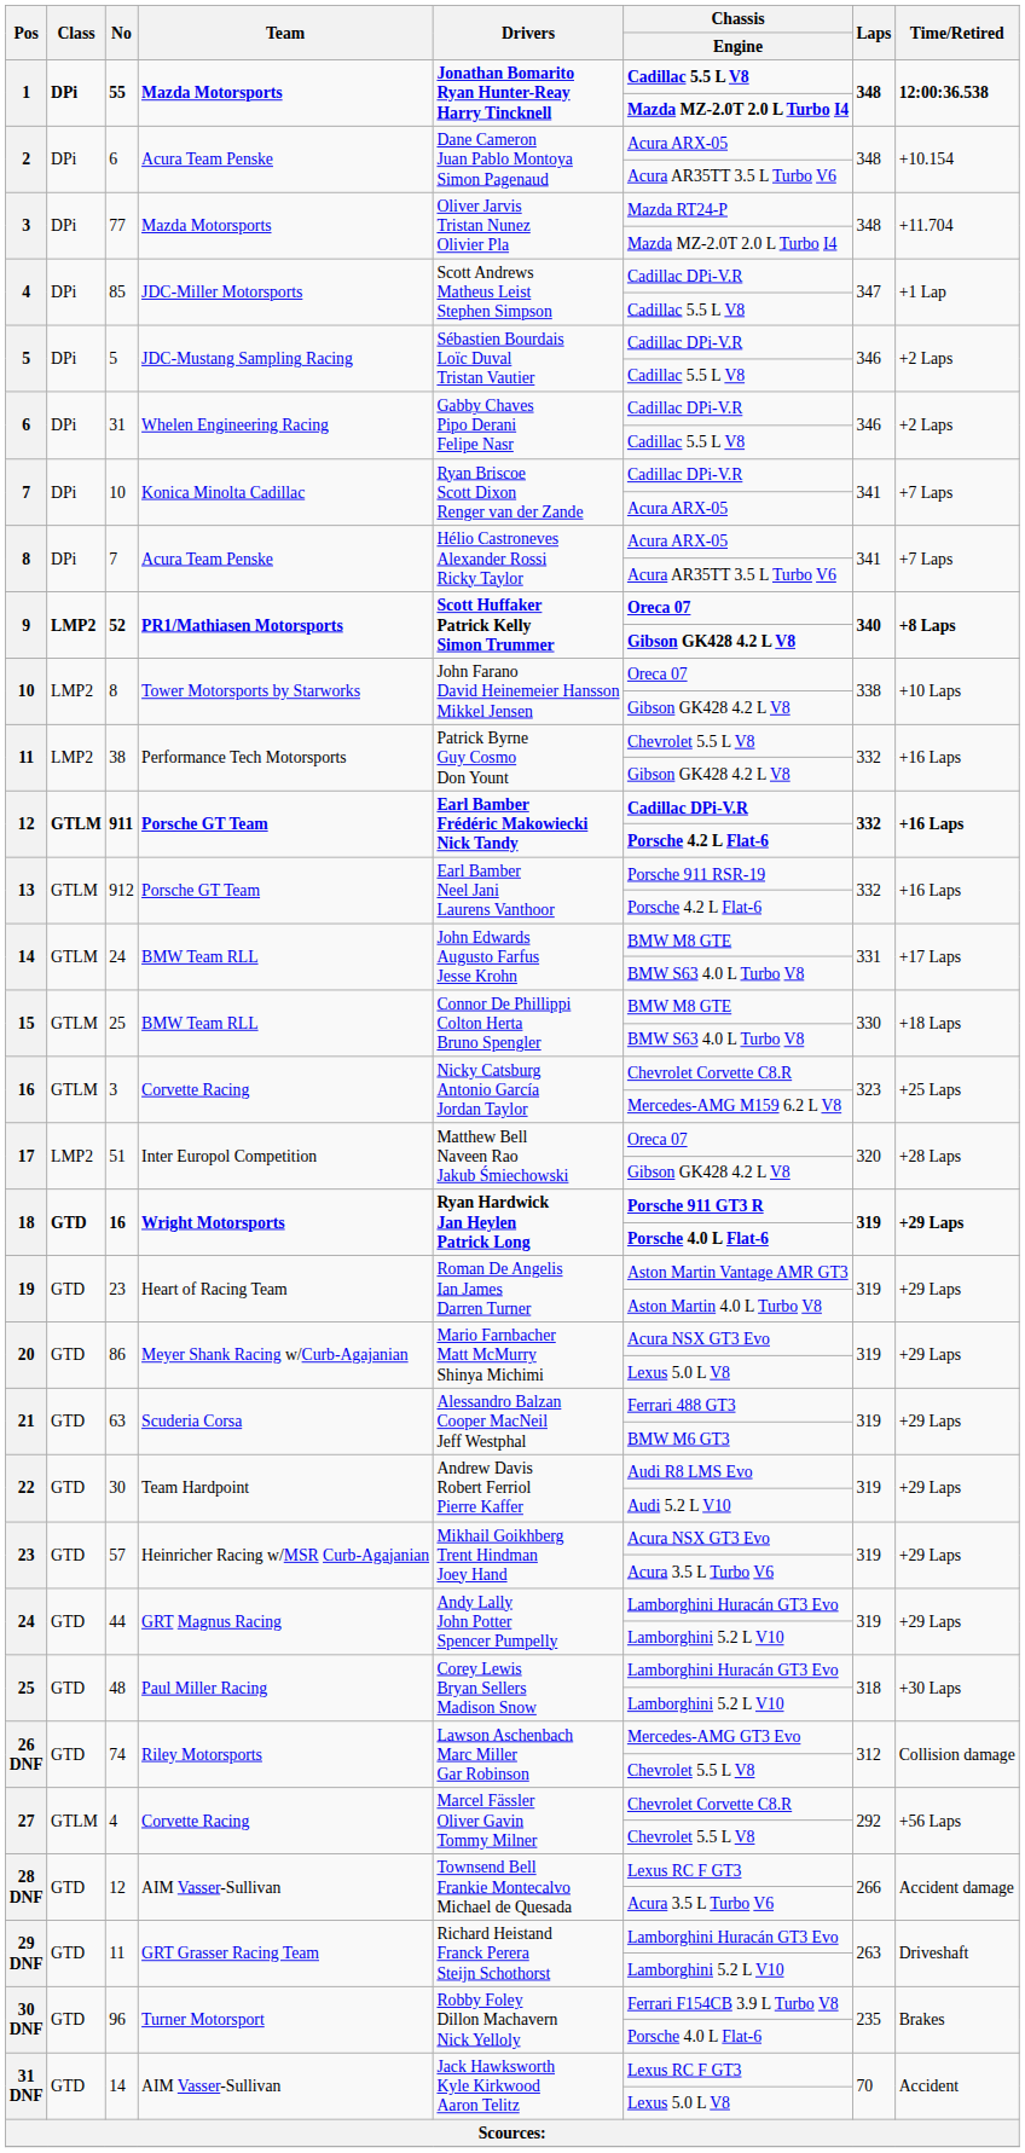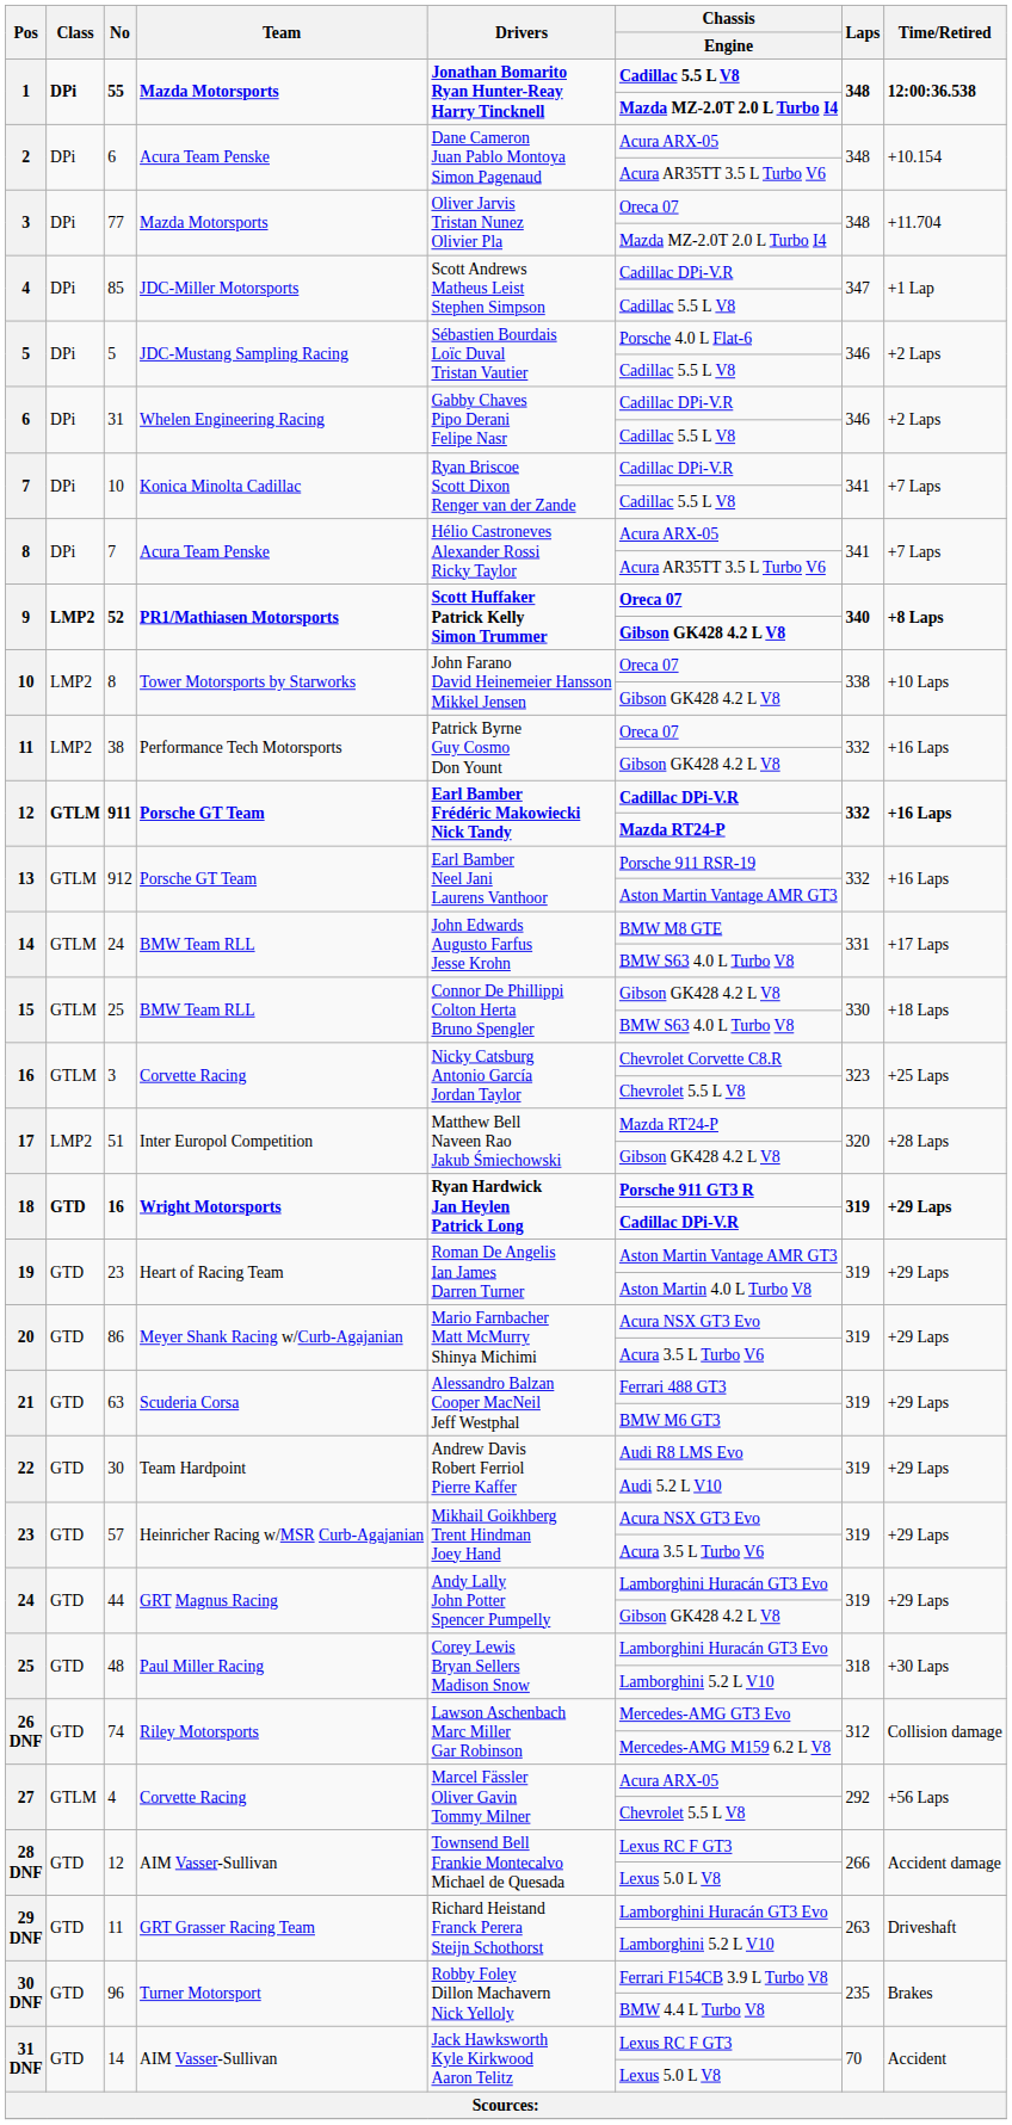 <table class="wikitable" style="font-size: 95%;">
 <tr>
 <th rowspan=2>Pos</th>
 <th rowspan=2>Class</th>
 <th rowspan=2>No</th>
 <th rowspan=2>Team</th>
 <th rowspan=2>Drivers</th>
 <th>Chassis</th>
 <th rowspan=2>Laps</th>
 <th rowspan=2>Time/Retired</th>
 </tr>
 <tr>
 <th>Engine</th>
 </tr>
 <tr style="font-weight:bold">
 <th rowspan=2>1</th>
 <td rowspan=2>DPi</td>
 <td rowspan=2>55</td>
 <td rowspan=2> <a href='#'>Mazda Motorsports</a></td>
 <td rowspan=2> <a href='#'>Jonathan Bomarito</a><br> <a href='#'>Ryan Hunter-Reay</a><br> <a href='#'>Harry Tincknell</a></td>
 <td><a href='#'>Cadillac</a> 5.5 L <a href='#'>V8</a></td>
 <td rowspan=2>348</td>
 <td rowspan=2>12:00:36.538</td>
 </tr>
 <tr style="font-weight:bold">
 <td><a href='#'>Mazda</a> MZ-2.0T 2.0 L <a href='#'>Turbo</a> <a href='#'>I4</a></td>
 </tr>
 <tr>
 <th rowspan=2>2</th>
 <td rowspan=2>DPi</td>
 <td rowspan=2>6</td>
 <td rowspan=2> <a href='#'>Acura Team Penske</a></td>
 <td rowspan=2> <a href='#'>Dane Cameron</a><br> <a href='#'>Juan Pablo Montoya</a><br> <a href='#'>Simon Pagenaud</a></td>
 <td><a href='#'>Acura ARX-05</a></td>
 <td rowspan=2>348</td>
 <td rowspan=2>+10.154</td>
 </tr>
 <tr>
 <td><a href='#'>Acura</a> AR35TT 3.5 L <a href='#'>Turbo</a> <a href='#'>V6</a></td>
 </tr>
 <tr>
 <th rowspan=2>3</th>
 <td rowspan=2>DPi</td>
 <td rowspan=2>77</td>
 <td rowspan=2> <a href='#'>Mazda Motorsports</a></td>
 <td rowspan=2> <a href='#'>Oliver Jarvis</a><br> <a href='#'>Tristan Nunez</a><br> <a href='#'>Olivier Pla</a></td>
-<td><a href='#'>Mazda RT24-P</a></td>
+<td><a href='#'>Oreca 07</a></td>
 <td rowspan=2>348</td>
 <td rowspan=2>+11.704</td>
 </tr>
 <tr>
 <td><a href='#'>Mazda</a> MZ-2.0T 2.0 L <a href='#'>Turbo</a> <a href='#'>I4</a></td>
 </tr>
 <tr>
 <th rowspan=2>4</th>
 <td rowspan=2>DPi</td>
 <td rowspan=2>85</td>
 <td rowspan=2> <a href='#'>JDC-Miller Motorsports</a></td>
 <td rowspan=2> Scott Andrews<br> <a href='#'>Matheus Leist</a><br> <a href='#'>Stephen Simpson</a></td>
 <td><a href='#'>Cadillac DPi-V.R</a></td>
 <td rowspan=2>347</td>
 <td rowspan=2>+1 Lap</td>
 </tr>
 <tr>
 <td><a href='#'>Cadillac</a> 5.5 L <a href='#'>V8</a></td>
 </tr>
 <tr>
 <th rowspan=2>5</th>
 <td rowspan=2>DPi</td>
 <td rowspan=2>5</td>
 <td rowspan=2> <a href='#'>JDC-Mustang Sampling Racing</a></td>
 <td rowspan=2> <a href='#'>Sébastien Bourdais</a><br> <a href='#'>Loïc Duval</a><br> <a href='#'>Tristan Vautier</a></td>
-<td><a href='#'>Cadillac DPi-V.R</a></td>
+<td><a href='#'>Porsche</a> 4.0 L <a href='#'>Flat-6</a></td>
 <td rowspan=2>346</td>
 <td rowspan=2>+2 Laps</td>
 </tr>
 <tr>
 <td><a href='#'>Cadillac</a> 5.5 L <a href='#'>V8</a></td>
 </tr>
 <tr>
 <th rowspan=2>6</th>
 <td rowspan=2>DPi</td>
 <td rowspan=2>31</td>
 <td rowspan=2> <a href='#'>Whelen Engineering Racing</a></td>
 <td rowspan=2> <a href='#'>Gabby Chaves</a><br> <a href='#'>Pipo Derani</a><br> <a href='#'>Felipe Nasr</a></td>
 <td><a href='#'>Cadillac DPi-V.R</a></td>
 <td rowspan=2>346</td>
 <td rowspan=2>+2 Laps</td>
 </tr>
 <tr>
 <td><a href='#'>Cadillac</a> 5.5 L <a href='#'>V8</a></td>
 </tr>
 <tr>
 <th rowspan=2>7</th>
 <td rowspan=2>DPi</td>
 <td rowspan=2>10</td>
 <td rowspan=2> <a href='#'>Konica Minolta Cadillac</a></td>
 <td rowspan=2> <a href='#'>Ryan Briscoe</a><br> <a href='#'>Scott Dixon</a><br> <a href='#'>Renger van der Zande</a></td>
 <td><a href='#'>Cadillac DPi-V.R</a></td>
 <td rowspan=2>341</td>
 <td rowspan=2>+7 Laps</td>
 </tr>
 <tr>
-<td><a href='#'>Acura ARX-05</a></td>
+<td><a href='#'>Cadillac</a> 5.5 L <a href='#'>V8</a></td>
 </tr>
 <tr>
 <th rowspan=2>8</th>
 <td rowspan=2>DPi</td>
 <td rowspan=2>7</td>
 <td rowspan=2> <a href='#'>Acura Team Penske</a></td>
 <td rowspan=2> <a href='#'>Hélio Castroneves</a><br> <a href='#'>Alexander Rossi</a><br> <a href='#'>Ricky Taylor</a></td>
 <td><a href='#'>Acura ARX-05</a></td>
 <td rowspan=2>341</td>
 <td rowspan=2>+7 Laps</td>
 </tr>
 <tr>
 <td><a href='#'>Acura</a> AR35TT 3.5 L <a href='#'>Turbo</a> <a href='#'>V6</a></td>
 </tr>
 <tr style="font-weight:bold">
 <th rowspan=2>9</th>
 <td rowspan=2>LMP2</td>
 <td rowspan=2>52</td>
 <td rowspan=2> <a href='#'>PR1/Mathiasen Motorsports</a></td>
 <td rowspan=2> <a href='#'>Scott Huffaker</a><br> Patrick Kelly<br> <a href='#'>Simon Trummer</a></td>
 <td><a href='#'>Oreca 07</a></td>
 <td rowspan=2>340</td>
 <td rowspan=2>+8 Laps</td>
 </tr>
 <tr style="font-weight:bold">
 <td><a href='#'>Gibson</a> GK428 4.2 L <a href='#'>V8</a></td>
 </tr>
 <tr>
 <th rowspan=2>10</th>
 <td rowspan=2>LMP2</td>
 <td rowspan=2>8</td>
 <td rowspan=2> <a href='#'>Tower Motorsports by Starworks</a></td>
 <td rowspan=2> John Farano<br> <a href='#'>David Heinemeier Hansson</a><br> <a href='#'>Mikkel Jensen</a></td>
 <td><a href='#'>Oreca 07</a></td>
 <td rowspan=2>338</td>
 <td rowspan=2>+10 Laps</td>
 </tr>
 <tr>
 <td><a href='#'>Gibson</a> GK428 4.2 L <a href='#'>V8</a></td>
 </tr>
 <tr>
 <th rowspan=2>11</th>
 <td rowspan=2>LMP2</td>
 <td rowspan=2>38</td>
 <td rowspan=2> Performance Tech Motorsports</td>
 <td rowspan=2> Patrick Byrne<br> <a href='#'>Guy Cosmo</a><br> Don Yount</td>
-<td><a href='#'>Chevrolet</a> 5.5 L <a href='#'>V8</a></td>
+<td><a href='#'>Oreca 07</a></td>
 <td rowspan=2>332</td>
 <td rowspan=2>+16 Laps</td>
 </tr>
 <tr>
 <td><a href='#'>Gibson</a> GK428 4.2 L <a href='#'>V8</a></td>
 </tr>
 <tr style="font-weight:bold">
 <th rowspan=2>12</th>
 <td rowspan=2>GTLM</td>
 <td rowspan=2>911</td>
 <td rowspan=2> <a href='#'>Porsche GT Team</a></td>
 <td rowspan=2> <a href='#'>Earl Bamber</a><br> <a href='#'>Frédéric Makowiecki</a><br> <a href='#'>Nick Tandy</a></td>
 <td><a href='#'>Cadillac DPi-V.R</a></td>
 <td rowspan=2>332</td>
 <td rowspan=2>+16 Laps</td>
 </tr>
 <tr style="font-weight:bold">
-<td><a href='#'>Porsche</a> 4.2 L <a href='#'>Flat-6</a></td>
+<td><a href='#'>Mazda RT24-P</a></td>
 </tr>
 <tr>
 <th rowspan=2>13</th>
 <td rowspan=2>GTLM</td>
 <td rowspan=2>912</td>
 <td rowspan=2> <a href='#'>Porsche GT Team</a></td>
 <td rowspan=2> <a href='#'>Earl Bamber</a><br> <a href='#'>Neel Jani</a><br> <a href='#'>Laurens Vanthoor</a></td>
 <td><a href='#'>Porsche 911 RSR-19</a></td>
 <td rowspan=2>332</td>
 <td rowspan=2>+16 Laps</td>
 </tr>
 <tr>
-<td><a href='#'>Porsche</a> 4.2 L <a href='#'>Flat-6</a></td>
+<td><a href='#'>Aston Martin Vantage AMR GT3</a></td>
 </tr>
 <tr>
 <th rowspan=2>14</th>
 <td rowspan=2>GTLM</td>
 <td rowspan=2>24</td>
 <td rowspan=2> <a href='#'>BMW Team RLL</a></td>
 <td rowspan=2> <a href='#'>John Edwards</a><br> <a href='#'>Augusto Farfus</a><br> <a href='#'>Jesse Krohn</a></td>
 <td><a href='#'>BMW M8 GTE</a></td>
 <td rowspan=2>331</td>
 <td rowspan=2>+17 Laps</td>
 </tr>
 <tr>
 <td><a href='#'>BMW S63</a> 4.0 L <a href='#'>Turbo</a> <a href='#'>V8</a></td>
 </tr>
 <tr>
 <th rowspan=2>15</th>
 <td rowspan=2>GTLM</td>
 <td rowspan=2>25</td>
 <td rowspan=2> <a href='#'>BMW Team RLL</a></td>
 <td rowspan=2> <a href='#'>Connor De Phillippi</a><br> <a href='#'>Colton Herta</a><br> <a href='#'>Bruno Spengler</a></td>
-<td><a href='#'>BMW M8 GTE</a></td>
+<td><a href='#'>Gibson</a> GK428 4.2 L <a href='#'>V8</a></td>
 <td rowspan=2>330</td>
 <td rowspan=2>+18 Laps</td>
 </tr>
 <tr>
 <td><a href='#'>BMW S63</a> 4.0 L <a href='#'>Turbo</a> <a href='#'>V8</a></td>
 </tr>
 <tr>
 <th rowspan=2>16</th>
 <td rowspan=2>GTLM</td>
 <td rowspan=2>3</td>
 <td rowspan=2> <a href='#'>Corvette Racing</a></td>
 <td rowspan=2> <a href='#'>Nicky Catsburg</a><br> <a href='#'>Antonio García</a><br> <a href='#'>Jordan Taylor</a></td>
 <td><a href='#'>Chevrolet Corvette C8.R</a></td>
 <td rowspan=2>323</td>
 <td rowspan=2>+25 Laps</td>
 </tr>
 <tr>
-<td><a href='#'>Mercedes-AMG M159</a> 6.2 L <a href='#'>V8</a></td>
+<td><a href='#'>Chevrolet</a> 5.5 L <a href='#'>V8</a></td>
 </tr>
 <tr>
 <th rowspan=2>17</th>
 <td rowspan=2>LMP2</td>
 <td rowspan=2>51</td>
 <td rowspan=2> Inter Europol Competition</td>
 <td rowspan=2> Matthew Bell<br> Naveen Rao<br> <a href='#'>Jakub Śmiechowski</a></td>
-<td><a href='#'>Oreca 07</a></td>
+<td><a href='#'>Mazda RT24-P</a></td>
 <td rowspan=2>320</td>
 <td rowspan=2>+28 Laps</td>
 </tr>
 <tr>
 <td><a href='#'>Gibson</a> GK428 4.2 L <a href='#'>V8</a></td>
 </tr>
 <tr style="font-weight:bold">
 <th rowspan=2>18</th>
 <td rowspan=2>GTD</td>
 <td rowspan=2>16</td>
 <td rowspan=2> <a href='#'>Wright Motorsports</a></td>
 <td rowspan=2> Ryan Hardwick<br> <a href='#'>Jan Heylen</a><br> <a href='#'>Patrick Long</a></td>
 <td><a href='#'>Porsche 911 GT3 R</a></td>
 <td rowspan=2>319</td>
 <td rowspan=2>+29 Laps</td>
 </tr>
 <tr style="font-weight:bold">
-<td><a href='#'>Porsche</a> 4.0 L <a href='#'>Flat-6</a></td>
+<td><a href='#'>Cadillac DPi-V.R</a></td>
 </tr>
 <tr>
 <th rowspan=2>19</th>
 <td rowspan=2>GTD</td>
 <td rowspan=2>23</td>
 <td rowspan=2> Heart of Racing Team</td>
 <td rowspan=2> <a href='#'>Roman De Angelis</a><br> <a href='#'>Ian James</a><br> <a href='#'>Darren Turner</a></td>
 <td><a href='#'>Aston Martin Vantage AMR GT3</a></td>
 <td rowspan=2>319</td>
 <td rowspan=2>+29 Laps</td>
 </tr>
 <tr>
 <td><a href='#'>Aston Martin</a> 4.0 L <a href='#'>Turbo</a> <a href='#'>V8</a></td>
 </tr>
 <tr>
 <th rowspan=2>20</th>
 <td rowspan=2>GTD</td>
 <td rowspan=2>86</td>
 <td rowspan=2> <a href='#'>Meyer Shank Racing</a> w/<a href='#'>Curb-Agajanian</a></td>
 <td rowspan=2> <a href='#'>Mario Farnbacher</a><br> <a href='#'>Matt McMurry</a><br> Shinya Michimi</td>
 <td><a href='#'>Acura NSX GT3 Evo</a></td>
 <td rowspan=2>319</td>
 <td rowspan=2>+29 Laps</td>
 </tr>
 <tr>
-<td><a href='#'>Lexus</a> 5.0 L <a href='#'>V8</a></td>
+<td><a href='#'>Acura</a> 3.5 L <a href='#'>Turbo</a> <a href='#'>V6</a></td>
 </tr>
 <tr>
 <th rowspan=2>21</th>
 <td rowspan=2>GTD</td>
 <td rowspan=2>63</td>
 <td rowspan=2> <a href='#'>Scuderia Corsa</a></td>
 <td rowspan=2> <a href='#'>Alessandro Balzan</a><br> <a href='#'>Cooper MacNeil</a><br> Jeff Westphal</td>
 <td><a href='#'>Ferrari 488 GT3</a></td>
 <td rowspan=2>319</td>
 <td rowspan=2>+29 Laps</td>
 </tr>
 <tr>
 <td><a href='#'>BMW M6 GT3</a></td>
 </tr>
 <tr>
 <th rowspan=2>22</th>
 <td rowspan=2>GTD</td>
 <td rowspan=2>30</td>
 <td rowspan=2> Team Hardpoint</td>
 <td rowspan=2> Andrew Davis<br> Robert Ferriol<br> <a href='#'>Pierre Kaffer</a></td>
 <td><a href='#'>Audi R8 LMS Evo</a></td>
 <td rowspan=2>319</td>
 <td rowspan=2>+29 Laps</td>
 </tr>
 <tr>
 <td><a href='#'>Audi</a> 5.2 L <a href='#'>V10</a></td>
 </tr>
 <tr>
 <th rowspan=2>23</th>
 <td rowspan=2>GTD</td>
 <td rowspan=2>57</td>
 <td rowspan=2> Heinricher Racing w/<a href='#'>MSR</a> <a href='#'>Curb-Agajanian</a></td>
 <td rowspan=2> <a href='#'>Mikhail Goikhberg</a><br> <a href='#'>Trent Hindman</a><br> <a href='#'>Joey Hand</a></td>
 <td><a href='#'>Acura NSX GT3 Evo</a></td>
 <td rowspan=2>319</td>
 <td rowspan=2>+29 Laps</td>
 </tr>
 <tr>
 <td><a href='#'>Acura</a> 3.5 L <a href='#'>Turbo</a> <a href='#'>V6</a></td>
 </tr>
 <tr>
 <th rowspan=2>24</th>
 <td rowspan=2>GTD</td>
 <td rowspan=2>44</td>
 <td rowspan=2> <a href='#'>GRT</a> <a href='#'>Magnus Racing</a></td>
 <td rowspan=2> <a href='#'>Andy Lally</a><br> <a href='#'>John Potter</a><br> <a href='#'>Spencer Pumpelly</a></td>
 <td><a href='#'>Lamborghini Huracán GT3 Evo</a></td>
 <td rowspan=2>319</td>
 <td rowspan=2>+29 Laps</td>
 </tr>
 <tr>
-<td><a href='#'>Lamborghini</a> 5.2 L <a href='#'>V10</a></td>
+<td><a href='#'>Gibson</a> GK428 4.2 L <a href='#'>V8</a></td>
 </tr>
 <tr>
 <th rowspan=2>25</th>
 <td rowspan=2>GTD</td>
 <td rowspan=2>48</td>
 <td rowspan=2> <a href='#'>Paul Miller Racing</a></td>
 <td rowspan=2> <a href='#'>Corey Lewis</a><br> <a href='#'>Bryan Sellers</a><br> <a href='#'>Madison Snow</a></td>
 <td><a href='#'>Lamborghini Huracán GT3 Evo</a></td>
 <td rowspan=2>318</td>
 <td rowspan=2>+30 Laps</td>
 </tr>
 <tr>
 <td><a href='#'>Lamborghini</a> 5.2 L <a href='#'>V10</a></td>
 </tr>
 <tr>
 <th rowspan=2>26<br>DNF</th>
 <td rowspan=2>GTD</td>
 <td rowspan=2>74</td>
 <td rowspan=2> <a href='#'>Riley Motorsports</a></td>
 <td rowspan=2> <a href='#'>Lawson Aschenbach</a><br> <a href='#'>Marc Miller</a><br> <a href='#'>Gar Robinson</a></td>
 <td><a href='#'>Mercedes-AMG GT3 Evo</a></td>
 <td rowspan=2>312</td>
 <td rowspan=2>Collision damage</td>
 </tr>
 <tr>
-<td><a href='#'>Chevrolet</a> 5.5 L <a href='#'>V8</a></td>
+<td><a href='#'>Mercedes-AMG M159</a> 6.2 L <a href='#'>V8</a></td>
 </tr>
 <tr>
 <th rowspan=2>27</th>
 <td rowspan=2>GTLM</td>
 <td rowspan=2>4</td>
 <td rowspan=2> <a href='#'>Corvette Racing</a></td>
 <td rowspan=2> <a href='#'>Marcel Fässler</a><br> <a href='#'>Oliver Gavin</a><br> <a href='#'>Tommy Milner</a></td>
-<td><a href='#'>Chevrolet Corvette C8.R</a></td>
+<td><a href='#'>Acura ARX-05</a></td>
 <td rowspan=2>292</td>
 <td rowspan=2>+56 Laps</td>
 </tr>
 <tr>
 <td><a href='#'>Chevrolet</a> 5.5 L <a href='#'>V8</a></td>
 </tr>
 <tr>
 <th rowspan=2>28<br>DNF</th>
 <td rowspan=2>GTD</td>
 <td rowspan=2>12</td>
 <td rowspan=2> AIM <a href='#'>Vasser</a>-Sullivan</td>
 <td rowspan=2> <a href='#'>Townsend Bell</a><br> <a href='#'>Frankie Montecalvo</a><br> Michael de Quesada</td>
 <td><a href='#'>Lexus RC F GT3</a></td>
 <td rowspan=2>266</td>
 <td rowspan=2>Accident damage</td>
 </tr>
 <tr>
-<td><a href='#'>Acura</a> 3.5 L <a href='#'>Turbo</a> <a href='#'>V6</a></td>
+<td><a href='#'>Lexus</a> 5.0 L <a href='#'>V8</a></td>
 </tr>
 <tr>
 <th rowspan=2>29<br>DNF</th>
 <td rowspan=2>GTD</td>
 <td rowspan=2>11</td>
 <td rowspan=2> <a href='#'>GRT Grasser Racing Team</a></td>
 <td rowspan=2> Richard Heistand<br> <a href='#'>Franck Perera</a><br> <a href='#'>Steijn Schothorst</a></td>
 <td><a href='#'>Lamborghini Huracán GT3 Evo</a></td>
 <td rowspan=2>263</td>
 <td rowspan=2>Driveshaft</td>
 </tr>
 <tr>
 <td><a href='#'>Lamborghini</a> 5.2 L <a href='#'>V10</a></td>
 </tr>
 <tr>
 <th rowspan=2>30<br>DNF</th>
 <td rowspan=2>GTD</td>
 <td rowspan=2>96</td>
 <td rowspan=2> <a href='#'>Turner Motorsport</a></td>
 <td rowspan=2> <a href='#'>Robby Foley</a><br> Dillon Machavern<br> <a href='#'>Nick Yelloly</a></td>
 <td><a href='#'>Ferrari F154CB</a> 3.9 L <a href='#'>Turbo</a> <a href='#'>V8</a></td>
 <td rowspan=2>235</td>
 <td rowspan=2>Brakes</td>
 </tr>
 <tr>
-<td><a href='#'>Porsche</a> 4.0 L <a href='#'>Flat-6</a></td>
+<td><a href='#'>BMW</a> 4.4 L <a href='#'>Turbo</a> <a href='#'>V8</a></td>
 </tr>
 <tr>
 <th rowspan=2>31<br>DNF</th>
 <td rowspan=2>GTD</td>
 <td rowspan=2>14</td>
 <td rowspan=2> AIM <a href='#'>Vasser</a>-Sullivan</td>
 <td rowspan=2> <a href='#'>Jack Hawksworth</a><br> <a href='#'>Kyle Kirkwood</a><br> <a href='#'>Aaron Telitz</a></td>
 <td><a href='#'>Lexus RC F GT3</a></td>
 <td rowspan=2>70</td>
 <td rowspan=2>Accident</td>
 </tr>
 <tr>
 <td><a href='#'>Lexus</a> 5.0 L <a href='#'>V8</a></td>
 </tr>
 <tr>
 <th colspan=8>Scources:</th>
 </tr>
 <tr>
 </tr>
 </table>
